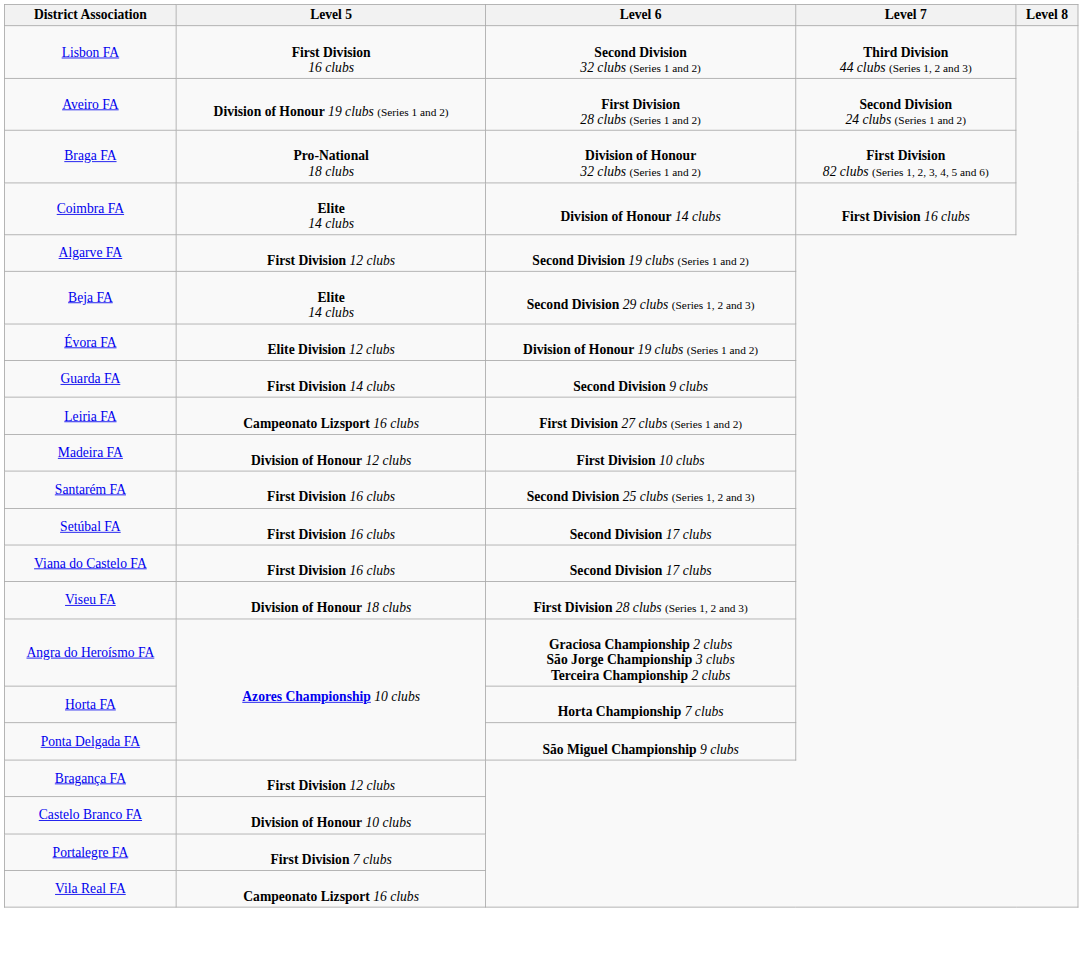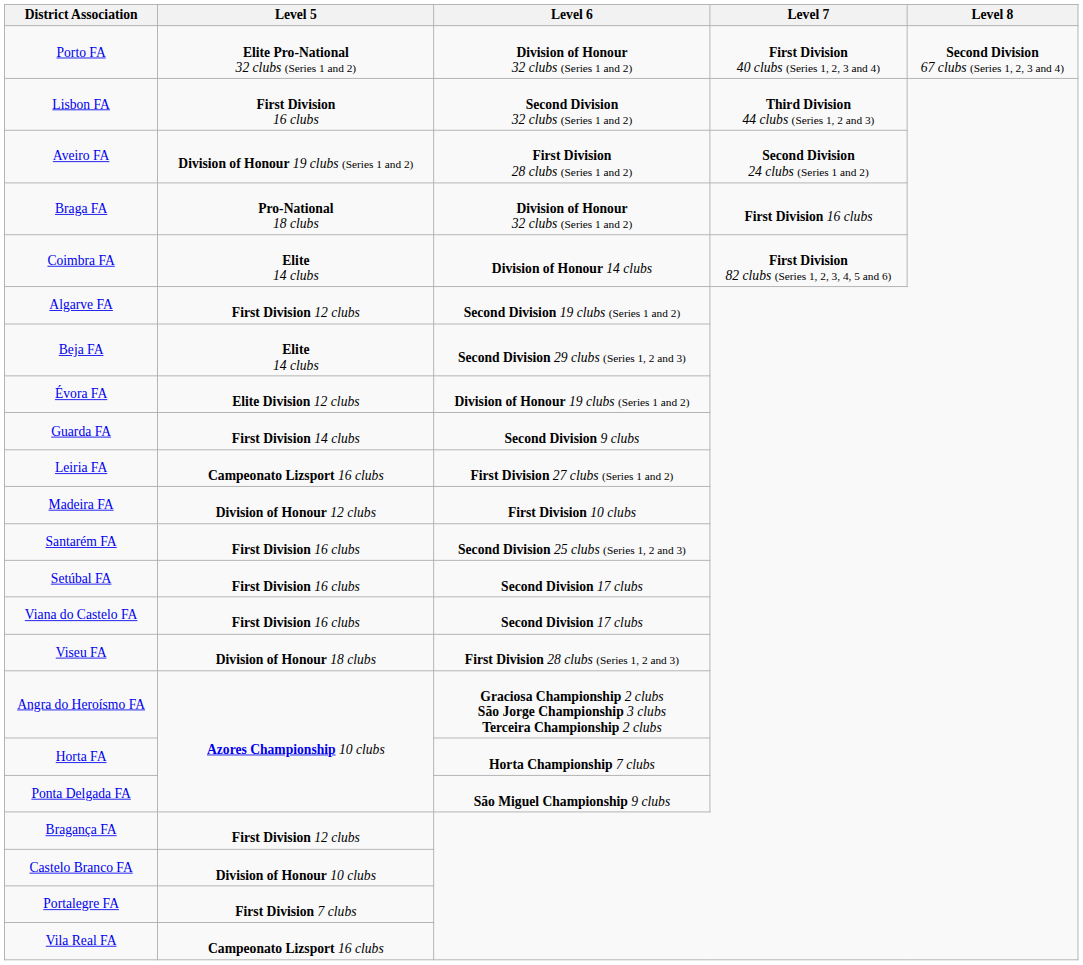 <table class="wikitable" style="text-align: center;" width="100%">
 <tr>
 <th>District Association</th>
 <th>Level 5</th>
 <th>Level 6</th>
 <th>Level 7</th>
 <th>Level 8</th>
+</tr>
+<tr>
+<td><a href='#'>Porto FA</a></td>
+<td><br><strong>Elite Pro-National</strong><br> <em>32 clubs</em> <small>(Series 1 and 2)</small></td>
+<td><br><strong>Division of Honour</strong><br> <em>32 clubs</em> <small>(Series 1 and 2)</small></td>
+<td><br><strong>First Division</strong><br> <em>40 clubs</em> <small>(Series 1, 2, 3 and 4)</small></td>
+<td><br><strong>Second Division</strong><br> <em>67 clubs</em> <small>(Series 1, 2, 3 and 4)</small></td>
 </tr>
 <tr>
 <td><a href='#'>Lisbon FA</a></td>
 <td><br><strong>First Division</strong><br> <em>16 clubs</em></td>
 <td><br><strong>Second Division</strong><br> <em>32 clubs</em> <small>(Series 1 and 2)</small></td>
 <td><br><strong>Third Division</strong><br> <em>44 clubs</em> <small>(Series 1, 2 and 3)</small></td>
 </tr>
 <tr>
 <td><a href='#'>Aveiro FA</a></td>
 <td><br><strong>Division of Honour</strong> <em>19 clubs</em> <small>(Series 1 and 2)</small></td>
 <td><br><strong>First Division</strong><br> <em>28 clubs</em> <small>(Series 1 and 2)</small></td>
 <td><br><strong>Second Division</strong><br> <em>24 clubs</em> <small>(Series 1 and 2)</small></td>
 </tr>
 <tr>
 <td><a href='#'>Braga FA</a></td>
 <td><br><strong>Pro-National</strong><br> <em>18 clubs</em></td>
 <td><br><strong>Division of Honour</strong><br> <em>32 clubs</em> <small>(Series 1 and 2)</small></td>
-<td><br><strong>First Division</strong><br> <em>82 clubs</em> <small>(Series 1, 2, 3, 4, 5 and 6)</small></td>
+<td><br><strong>First Division</strong> <em>16 clubs</em></td>
 </tr>
 <tr>
 <td><a href='#'>Coimbra FA</a></td>
 <td><br><strong>Elite</strong><br> <em>14 clubs</em></td>
 <td><br><strong>Division of Honour</strong> <em>14 clubs</em></td>
-<td><br><strong>First Division</strong> <em>16 clubs</em></td>
+<td><br><strong>First Division</strong><br> <em>82 clubs</em> <small>(Series 1, 2, 3, 4, 5 and 6)</small></td>
 </tr>
 <tr>
 <td><a href='#'>Algarve FA</a></td>
 <td><br><strong>First Division</strong> <em>12 clubs</em></td>
 <td><br><strong>Second Division</strong> <em>19 clubs</em> <small>(Series 1 and 2)</small></td>
 </tr>
 <tr>
 <td><a href='#'>Beja FA</a></td>
 <td><br><strong>Elite</strong><br> <em>14 clubs</em></td>
 <td><br><strong>Second Division</strong> <em>29 clubs</em> <small>(Series 1, 2 and 3)</small></td>
 </tr>
 <tr>
 <td><a href='#'>Évora FA</a></td>
 <td><br><strong>Elite Division</strong> <em>12 clubs</em></td>
 <td><br><strong>Division of Honour</strong> <em>19 clubs</em> <small>(Series 1 and 2)</small></td>
 </tr>
 <tr>
 <td><a href='#'>Guarda FA</a></td>
 <td><br><strong>First Division</strong> <em>14 clubs</em></td>
 <td><br><strong>Second Division</strong> <em>9 clubs</em></td>
 </tr>
 <tr>
 <td><a href='#'>Leiria FA</a></td>
 <td><br><strong>Campeonato Lizsport</strong> <em>16 clubs</em></td>
 <td><br><strong>First Division</strong> <em>27 clubs</em> <small>(Series 1 and 2)</small></td>
 </tr>
 <tr>
 <td><a href='#'>Madeira FA</a></td>
 <td><br><strong>Division of Honour</strong> <em>12 clubs</em></td>
 <td><br><strong>First Division</strong> <em>10 clubs</em></td>
 </tr>
 <tr>
 <td><a href='#'>Santarém FA</a></td>
 <td><br><strong>First Division</strong> <em>16 clubs</em></td>
 <td><br><strong>Second Division</strong> <em>25 clubs</em> <small>(Series 1, 2 and 3)</small></td>
 </tr>
 <tr>
 <td><a href='#'>Setúbal FA</a></td>
 <td><br><strong>First Division</strong> <em>16 clubs</em></td>
 <td><br><strong>Second Division</strong> <em>17 clubs</em></td>
 </tr>
 <tr>
 <td><a href='#'>Viana do Castelo FA</a></td>
 <td><br><strong>First Division</strong> <em>16 clubs</em></td>
 <td><br><strong>Second Division</strong> <em>17 clubs</em></td>
 </tr>
 <tr>
 <td><a href='#'>Viseu FA</a></td>
 <td><br><strong>Division of Honour</strong> <em>18 clubs</em></td>
 <td><br><strong>First Division</strong> <em>28 clubs</em> <small>(Series 1, 2 and 3)</small></td>
 </tr>
 <tr>
 <td><a href='#'>Angra do Heroísmo FA</a></td>
 <td rowspan="3"><br><strong><a href='#'>Azores Championship</a></strong> <em>10 clubs</em></td>
 <td><br><strong>Graciosa Championship</strong> <em>2 clubs</em><br><strong>São Jorge Championship</strong> <em>3 clubs</em><br><strong>Terceira Championship</strong> <em>2 clubs</em></td>
 </tr>
 <tr>
 <td><a href='#'>Horta FA</a></td>
 <td><br><strong>Horta Championship</strong> <em>7 clubs</em></td>
 </tr>
 <tr>
 <td><a href='#'>Ponta Delgada FA</a></td>
 <td><br><strong>São Miguel Championship</strong> <em>9 clubs</em></td>
 </tr>
 <tr>
 <td><a href='#'>Bragança FA</a></td>
 <td><br><strong>First Division</strong> <em>12 clubs</em></td>
 </tr>
 <tr>
 <td><a href='#'>Castelo Branco FA</a></td>
 <td><br><strong>Division of Honour</strong> <em>10 clubs</em></td>
 </tr>
 <tr>
 <td><a href='#'>Portalegre FA</a></td>
 <td><br><strong>First Division</strong> <em>7 clubs</em></td>
 </tr>
 <tr>
 <td><a href='#'>Vila Real FA</a></td>
 <td><br><strong>Campeonato Lizsport</strong> <em>16 clubs</em></td>
 </tr>
 </table>
